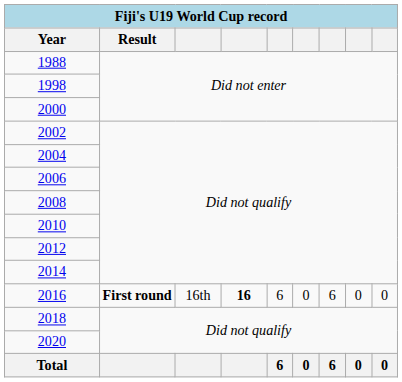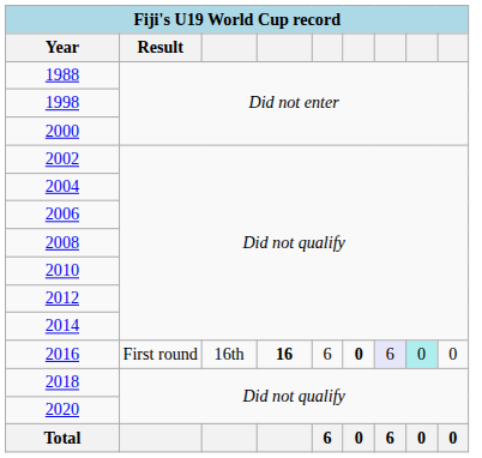 <table class="wikitable" style="font-size:90%; text-align:center;">
 <tr>
 <th style="color:black; background:lightblue;" colspan=9>Fiji's U19 World Cup record</th>
 </tr>
 <tr>
 <th width="90">Year</th>
 <th>Result</th>
 <th width="40"></th>
 <th width="40"></th>
 <th width="20"></th>
 <th width="20"></th>
 <th width="20"></th>
 <th width="20"></th>
 <th width="20"></th>
 </tr>
 <tr>
 <td> <a href='#'>1988</a></td>
 <td colspan=8 rowspan=3><em>Did not enter</em></td>
 </tr>
 <tr>
 <td> <a href='#'>1998</a></td>
 </tr>
 <tr>
 <td> <a href='#'>2000</a></td>
 </tr>
 <tr>
 <td> <a href='#'>2002</a></td>
 <td colspan=8 rowspan=7><em>Did not qualify</em></td>
 </tr>
 <tr>
 <td> <a href='#'>2004</a></td>
 </tr>
 <tr>
 <td> <a href='#'>2006</a></td>
 </tr>
 <tr>
 <td> <a href='#'>2008</a></td>
 </tr>
 <tr>
 <td> <a href='#'>2010</a></td>
 </tr>
 <tr>
 <td> <a href='#'>2012</a></td>
 </tr>
 <tr>
 <td> <a href='#'>2014</a></td>
 </tr>
 <tr>
 <td> <a href='#'>2016</a></td>
-<td><strong>First round</strong></td>
+<td>First round</td>
 <td>16th</td>
 <td><strong>16</strong></td>
 <td>6</td>
-<td>0</td>
-<td>6</td>
-<td>0</td>
+<td><strong>0</strong></td>
+<td style="background: lavender;">6</td>
+<td style="background: paleturquoise;">0</td>
 <td>0</td>
 </tr>
 <tr>
 <td> <a href='#'>2018</a></td>
 <td colspan=8 rowspan=2><em>Did not qualify</em></td>
 </tr>
 <tr>
 <td> <a href='#'>2020</a></td>
 </tr>
 <tr>
 <th>Total</th>
 <th></th>
 <th></th>
 <th></th>
 <th>6</th>
 <th>0</th>
 <th>6</th>
 <th>0</th>
 <th>0</th>
 </tr>
 </table>
